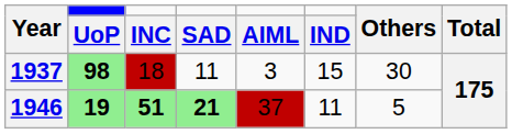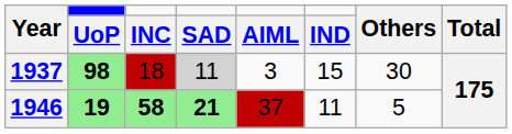 <table class="wikitable" style="text-align:center">
 <tr>
 <th rowspan="2">Year</th>
 <td bgcolor="blue"></td>
 <td></td>
 <td></td>
 <td></td>
 <td></td>
 <th rowspan="2">Others</th>
 <th rowspan="2">Total</th>
 </tr>
 <tr>
 <th><a href='#'>UoP</a></th>
 <th><a href='#'>INC</a></th>
 <th><a href='#'>SAD</a></th>
 <th><a href='#'>AIML</a></th>
 <th><a href='#'>IND</a></th>
 </tr>
 <tr>
 <th><a href='#'>1937</a></th>
 <td bgcolor="lightgreen"><strong>98</strong></td>
 <td bgcolor="chili">18</td>
-<td>11</td>
+<td style="background: lightgrey;">11</td>
 <td>3</td>
 <td>15</td>
 <td>30</td>
 <th rowspan="2">175</th>
 </tr>
 <tr>
 <th><a href='#'>1946</a></th>
 <td bgcolor="lightgreen"><strong>19</strong></td>
-<td bgcolor="lightgreen"><strong>51</strong></td>
+<td bgcolor="lightgreen"><strong>58</strong></td>
 <td bgcolor="lightgreen"><strong>21</strong></td>
 <td bgcolor="chili">37</td>
 <td>11</td>
 <td>5</td>
 </tr>
 </table>
